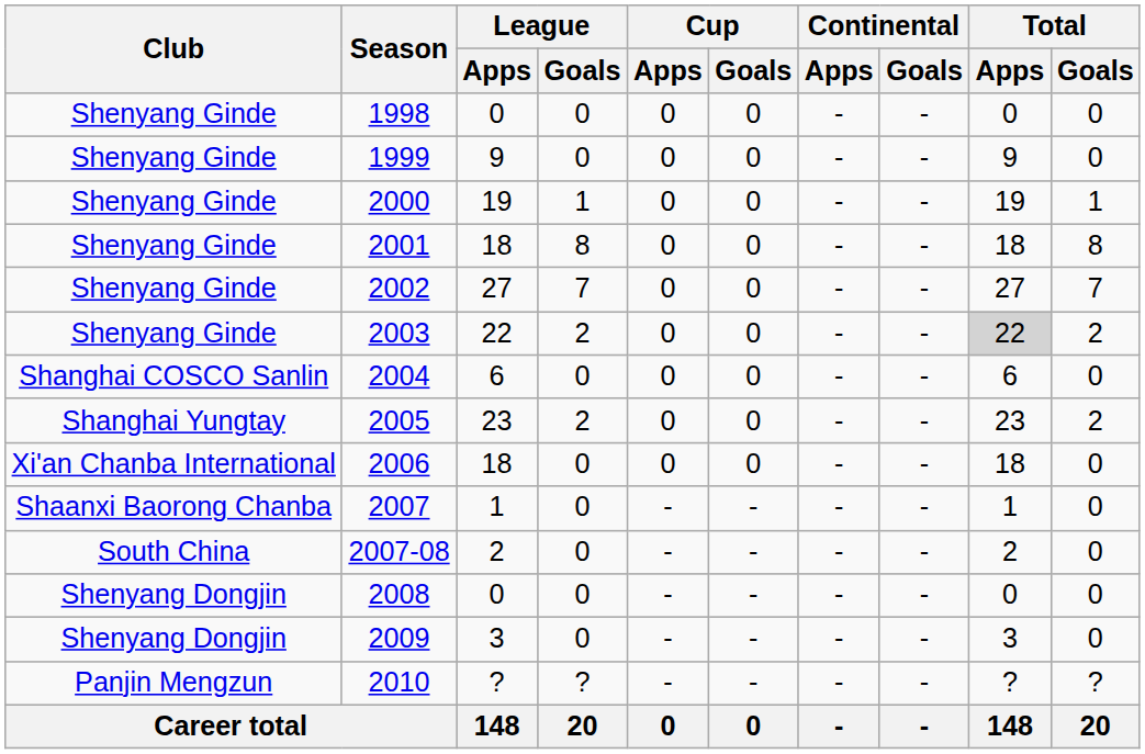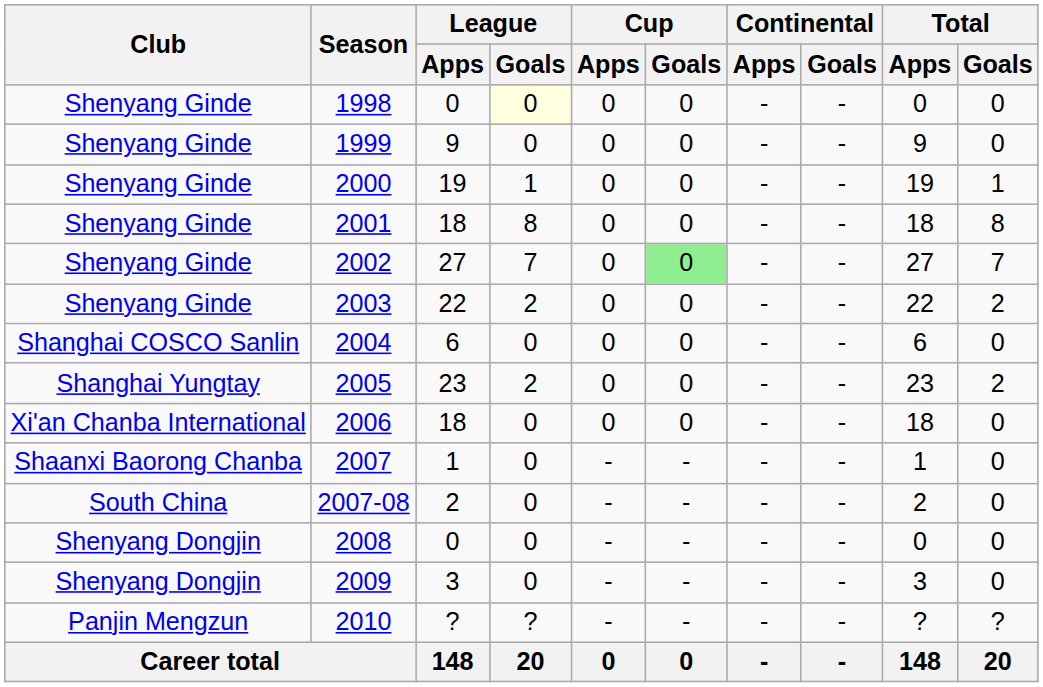 <table class="wikitable" style="text-align: center;">
 <tr>
 <th rowspan="2">Club</th>
 <th rowspan="2">Season</th>
 <th colspan="2">League</th>
 <th colspan="2">Cup</th>
 <th colspan="2">Continental</th>
 <th colspan="2">Total</th>
 </tr>
 <tr>
 <th>Apps</th>
 <th>Goals</th>
 <th>Apps</th>
 <th>Goals</th>
 <th>Apps</th>
 <th>Goals</th>
 <th>Apps</th>
 <th>Goals</th>
 </tr>
 <tr>
 <td align="center"><a href='#'>Shenyang Ginde</a></td>
 <td><a href='#'>1998</a></td>
 <td>0</td>
-<td>0</td>
+<td style="background: lightyellow;">0</td>
 <td>0</td>
 <td>0</td>
 <td>-</td>
 <td>-</td>
 <td>0</td>
 <td>0</td>
 </tr>
 <tr>
 <td align="center"><a href='#'>Shenyang Ginde</a></td>
 <td><a href='#'>1999</a></td>
 <td>9</td>
 <td>0</td>
 <td>0</td>
 <td>0</td>
 <td>-</td>
 <td>-</td>
 <td>9</td>
 <td>0</td>
 </tr>
 <tr>
 <td align="center"><a href='#'>Shenyang Ginde</a></td>
 <td><a href='#'>2000</a></td>
 <td>19</td>
 <td>1</td>
 <td>0</td>
 <td>0</td>
 <td>-</td>
 <td>-</td>
 <td>19</td>
 <td>1</td>
 </tr>
 <tr>
 <td align="center"><a href='#'>Shenyang Ginde</a></td>
 <td><a href='#'>2001</a></td>
 <td>18</td>
 <td>8</td>
 <td>0</td>
 <td>0</td>
 <td>-</td>
 <td>-</td>
 <td>18</td>
 <td>8</td>
 </tr>
 <tr>
 <td align="center"><a href='#'>Shenyang Ginde</a></td>
 <td><a href='#'>2002</a></td>
 <td>27</td>
 <td>7</td>
 <td>0</td>
-<td>0</td>
+<td style="background: lightgreen;">0</td>
 <td>-</td>
 <td>-</td>
 <td>27</td>
 <td>7</td>
 </tr>
 <tr>
 <td align="center"><a href='#'>Shenyang Ginde</a></td>
 <td><a href='#'>2003</a></td>
 <td>22</td>
 <td>2</td>
 <td>0</td>
 <td>0</td>
 <td>-</td>
 <td>-</td>
-<td style="background: lightgrey;">22</td>
+<td>22</td>
 <td>2</td>
 </tr>
 <tr>
 <td align="center"><a href='#'>Shanghai COSCO Sanlin</a></td>
 <td><a href='#'>2004</a></td>
 <td>6</td>
 <td>0</td>
 <td>0</td>
 <td>0</td>
 <td>-</td>
 <td>-</td>
 <td>6</td>
 <td>0</td>
 </tr>
 <tr>
 <td align="center"><a href='#'>Shanghai Yungtay</a></td>
 <td><a href='#'>2005</a></td>
 <td>23</td>
 <td>2</td>
 <td>0</td>
 <td>0</td>
 <td>-</td>
 <td>-</td>
 <td>23</td>
 <td>2</td>
 </tr>
 <tr>
 <td align="center"><a href='#'>Xi'an Chanba International</a></td>
 <td><a href='#'>2006</a></td>
 <td>18</td>
 <td>0</td>
 <td>0</td>
 <td>0</td>
 <td>-</td>
 <td>-</td>
 <td>18</td>
 <td>0</td>
 </tr>
 <tr>
 <td align="center"><a href='#'>Shaanxi Baorong Chanba</a></td>
 <td><a href='#'>2007</a></td>
 <td>1</td>
 <td>0</td>
 <td>-</td>
 <td>-</td>
 <td>-</td>
 <td>-</td>
 <td>1</td>
 <td>0</td>
 </tr>
 <tr>
 <td align="center"><a href='#'>South China</a></td>
 <td><a href='#'>2007-08</a></td>
 <td>2</td>
 <td>0</td>
 <td>-</td>
 <td>-</td>
 <td>-</td>
 <td>-</td>
 <td>2</td>
 <td>0</td>
 </tr>
 <tr>
 <td align="center"><a href='#'>Shenyang Dongjin</a></td>
 <td><a href='#'>2008</a></td>
 <td>0</td>
 <td>0</td>
 <td>-</td>
 <td>-</td>
 <td>-</td>
 <td>-</td>
 <td>0</td>
 <td>0</td>
 </tr>
 <tr>
 <td align="center"><a href='#'>Shenyang Dongjin</a></td>
 <td><a href='#'>2009</a></td>
 <td>3</td>
 <td>0</td>
 <td>-</td>
 <td>-</td>
 <td>-</td>
 <td>-</td>
 <td>3</td>
 <td>0</td>
 </tr>
 <tr>
 <td align="center"><a href='#'>Panjin Mengzun</a></td>
 <td><a href='#'>2010</a></td>
 <td>?</td>
 <td>?</td>
 <td>-</td>
 <td>-</td>
 <td>-</td>
 <td>-</td>
 <td>?</td>
 <td>?</td>
 </tr>
 <tr>
 <th colspan="2">Career total</th>
 <th>148</th>
 <th>20</th>
 <th>0</th>
 <th>0</th>
 <th>-</th>
 <th>-</th>
 <th>148</th>
 <th>20</th>
 </tr>
 </table>
